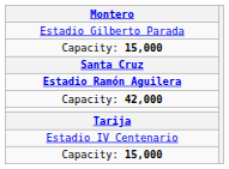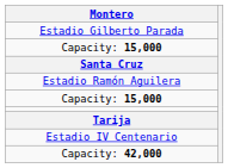 <table class="wikitable floatright" style="text-align:center">
 <tr>
 <th width=260><a href='#'>Montero</a></th>
 <th rowspan=16><br></th>
 </tr>
 <tr>
 <td><a href='#'>Estadio Gilberto Parada</a></td>
 </tr>
 <tr>
 <td>Capacity: <strong>15,000</strong></td>
 </tr>
 <tr>
 <th><a href='#'>Santa Cruz</a></th>
 </tr>
 <tr>
-<td><strong><a href='#'>Estadio Ramón Aguilera</a></strong></td>
+<td><a href='#'>Estadio Ramón Aguilera</a></td>
 </tr>
 <tr>
-<td>Capacity: <strong>42,000</strong></td>
+<td>Capacity: <strong>15,000</strong></td>
 </tr>
 <tr>
 <td></td>
 </tr>
 <tr>
 <th><a href='#'>Tarija</a></th>
 </tr>
 <tr>
 <td><a href='#'>Estadio IV Centenario</a></td>
 </tr>
 <tr>
-<td>Capacity: <strong>15,000</strong></td>
+<td>Capacity: <strong>42,000</strong></td>
 </tr>
 </table>
